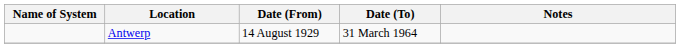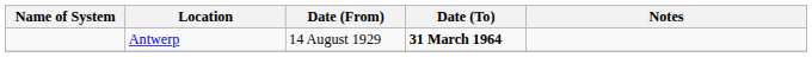 <table class="wikitable" width=100%>
 <tr>
 <th width=15%>Name of System</th>
 <th width=20%>Location</th>
 <th width=15%>Date (From)</th>
 <th width=15%>Date (To)</th>
 <th width=35%>Notes</th>
 </tr>
 <tr>
 <td> </td>
 <td><a href='#'>Antwerp</a></td>
 <td>14 August 1929</td>
-<td>31 March 1964</td>
+<td><strong>31 March 1964</strong></td>
 <td> </td>
 </tr>
 <tr>
 </tr>
 </table>
